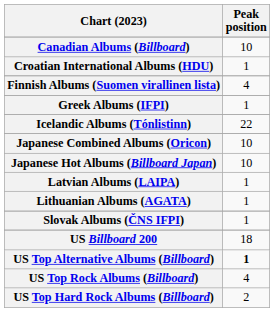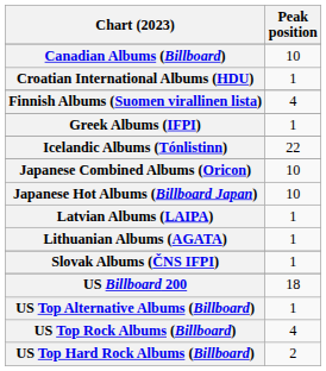 <table class="wikitable sortable plainrowheaders" style="text-align:center;">
 <tr>
 <th scope="col">Chart (2023)</th>
 <th scope="col">Peak<br>position</th>
 </tr>
 <tr>
 </tr>
 <tr>
 </tr>
 <tr>
 </tr>
 <tr>
 </tr>
 <tr>
 <th scope="row"><a href='#'>Canadian Albums</a> (<em><a href='#'>Billboard</a></em>)</th>
 <td>10</td>
 </tr>
 <tr>
 <th scope="row">Croatian International Albums (<a href='#'>HDU</a>)</th>
 <td>1</td>
 </tr>
 <tr>
 </tr>
 <tr>
 </tr>
 <tr>
 </tr>
 <tr>
 <th scope="row">Finnish Albums (<a href='#'>Suomen virallinen lista</a>)</th>
 <td>4</td>
 </tr>
 <tr>
 </tr>
 <tr>
 </tr>
 <tr>
 <th scope="row">Greek Albums (<a href='#'>IFPI</a>)</th>
 <td>1</td>
 </tr>
 <tr>
 </tr>
 <tr>
 <th scope="row">Icelandic Albums (<a href='#'>Tónlistinn</a>)</th>
 <td>22</td>
 </tr>
 <tr>
 </tr>
 <tr>
 </tr>
 <tr>
 </tr>
 <tr>
 <th scope="row">Japanese Combined Albums (<a href='#'>Oricon</a>)</th>
 <td>10</td>
 </tr>
 <tr>
 <th scope="row">Japanese Hot Albums (<em><a href='#'>Billboard Japan</a></em>)</th>
 <td>10</td>
 </tr>
 <tr>
 <th scope="row">Latvian Albums (<a href='#'>LAIPA</a>)</th>
 <td>1</td>
 </tr>
 <tr>
 <th scope="row">Lithuanian Albums (<a href='#'>AGATA</a>)</th>
 <td>1</td>
 </tr>
 <tr>
 </tr>
 <tr>
 </tr>
 <tr>
 </tr>
 <tr>
 </tr>
 <tr>
 <th scope="row">Slovak Albums (<a href='#'>ČNS IFPI</a>)</th>
 <td>1</td>
 </tr>
 <tr>
 </tr>
 <tr>
 </tr>
 <tr>
 </tr>
 <tr>
 </tr>
 <tr>
 </tr>
 <tr>
 <th scope="row">US <a href='#'><em>Billboard</em> 200</a></th>
 <td>18</td>
 </tr>
 <tr>
 <th scope="row">US <a href='#'>Top Alternative Albums</a> (<em><a href='#'>Billboard</a></em>)</th>
-<td><strong>1</strong></td>
+<td>1</td>
 </tr>
 <tr>
 <th scope="row">US <a href='#'>Top Rock Albums</a> (<em><a href='#'>Billboard</a></em>)</th>
 <td>4</td>
 </tr>
 <tr>
 <th scope="row">US <a href='#'>Top Hard Rock Albums</a> (<em><a href='#'>Billboard</a></em>)</th>
 <td>2</td>
 </tr>
 </table>
